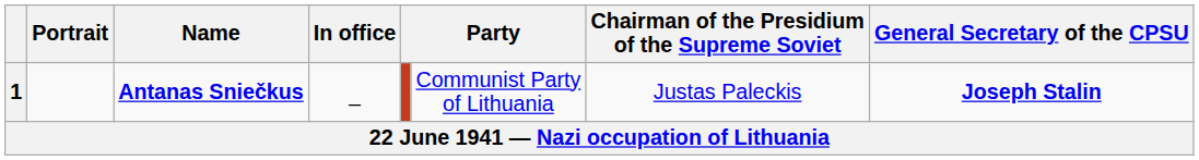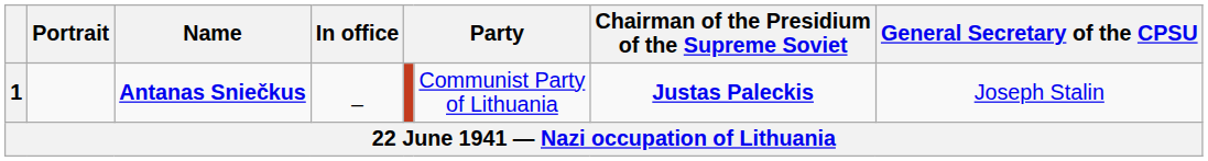 <table class="wikitable" style="text-align:center;">
 <tr>
 <th class="unsortable" scope="col"></th>
 <th class="unsortable" scope="col">Portrait</th>
 <th scope="col">Name<br></th>
 <th class="unsortable" scope="col">In office</th>
 <th colspan="2" scope="col">Party</th>
 <th>Chairman of the Presidium <br> of the <a href='#'>Supreme Soviet</a></th>
 <th><a href='#'>General Secretary</a> of the <a href='#'>CPSU</a></th>
 </tr>
 <tr>
 <th>1</th>
 <td></td>
 <td><strong><a href='#'>Antanas Sniečkus</a></strong> <br> </td>
 <td> <br> –<br></td>
 <td style="background-color:#C33B1E"></td>
 <td><a href='#'>Communist Party <br> of Lithuania</a></td>
-<td><a href='#'>Justas Paleckis</a><br></td>
-<td><strong><a href='#'>Joseph Stalin</a></strong></td>
+<td><strong><a href='#'>Justas Paleckis</a><br></strong></td>
+<td><a href='#'>Joseph Stalin</a></td>
 </tr>
 <tr>
 <th colspan="8">22 June 1941 — <a href='#'>Nazi occupation of Lithuania</a></th>
 </tr>
 </table>
